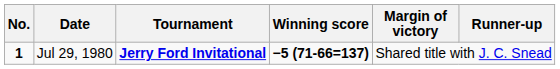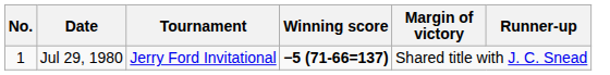 <table class="wikitable" style="font-size:95%;">
 <tr>
 <th>No.</th>
 <th>Date</th>
 <th>Tournament</th>
 <th>Winning score</th>
 <th>Margin of<br>victory</th>
 <th>Runner-up</th>
 </tr>
 <tr>
-<td align=center><strong>1</strong></td>
+<td align=center>1</td>
 <td align=right>Jul 29, 1980</td>
-<td><strong><a href='#'>Jerry Ford Invitational</a></strong></td>
+<td><a href='#'>Jerry Ford Invitational</a></td>
 <td><strong>−5 (71-66=137)</strong></td>
 <td colspan=2>Shared title with  <a href='#'>J. C. Snead</a></td>
 </tr>
 </table>
